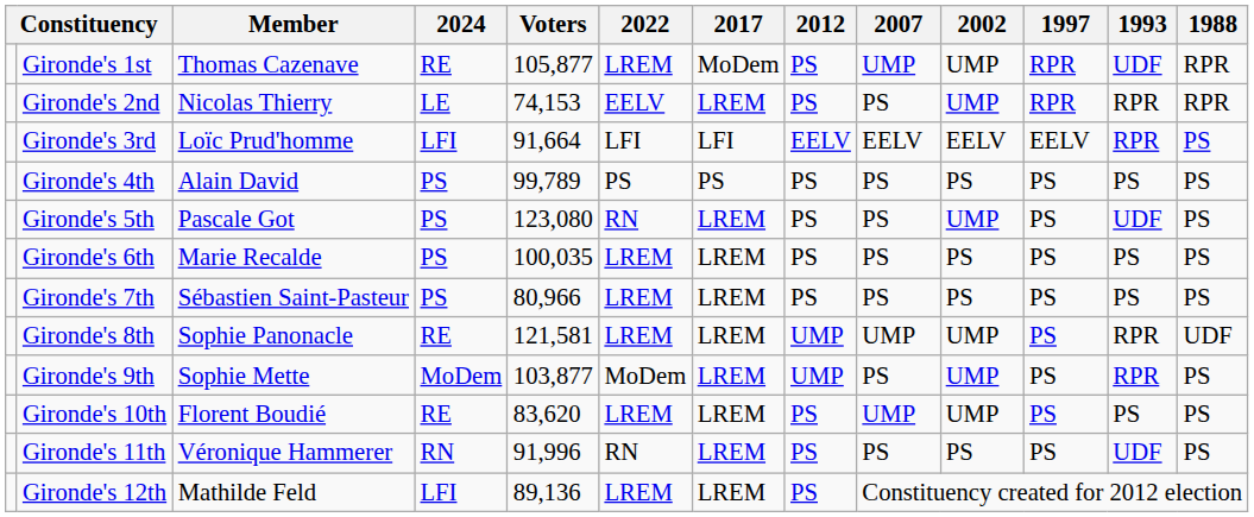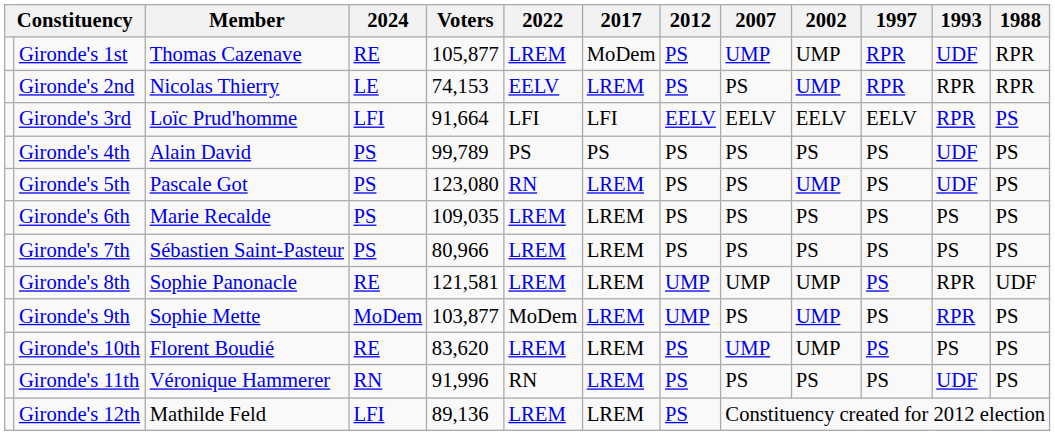 <table class="wikitable sortable">
 <tr>
 <th colspan="2">Constituency</th>
 <th>Member</th>
 <th>2024</th>
 <th>Voters</th>
 <th>2022</th>
 <th>2017</th>
 <th>2012</th>
 <th>2007</th>
 <th>2002</th>
 <th>1997</th>
 <th>1993</th>
 <th>1988</th>
 </tr>
 <tr>
 <td style="background-color: "></td>
 <td><a href='#'>Gironde's 1st</a></td>
 <td><a href='#'>Thomas Cazenave</a></td>
 <td><a href='#'>RE</a></td>
 <td>105,877</td>
 <td><a href='#'>LREM</a></td>
 <td>MoDem</td>
 <td bgcolor=><a href='#'>PS</a></td>
 <td bgcolor=><a href='#'>UMP</a></td>
 <td bgcolor=>UMP</td>
 <td bgcolor=><a href='#'>RPR</a></td>
 <td bgcolor=><a href='#'>UDF</a></td>
 <td bgcolor=>RPR</td>
 </tr>
 <tr>
 <td style="background-color: "></td>
 <td><a href='#'>Gironde's 2nd</a></td>
 <td><a href='#'>Nicolas Thierry</a></td>
 <td><a href='#'>LE</a></td>
 <td>74,153</td>
 <td><a href='#'>EELV</a></td>
 <td><a href='#'>LREM</a></td>
 <td bgcolor=><a href='#'>PS</a></td>
 <td bgcolor=>PS</td>
 <td bgcolor=><a href='#'>UMP</a></td>
 <td bgcolor=><a href='#'>RPR</a></td>
 <td bgcolor=>RPR</td>
 <td bgcolor=>RPR</td>
 </tr>
 <tr>
 <td style="background-color: "></td>
 <td><a href='#'>Gironde's 3rd</a></td>
 <td><a href='#'>Loïc Prud'homme</a></td>
 <td><a href='#'>LFI</a></td>
 <td>91,664</td>
 <td>LFI</td>
 <td>LFI</td>
 <td bgcolor=><a href='#'>EELV</a></td>
 <td bgcolor=>EELV</td>
 <td bgcolor=>EELV</td>
 <td bgcolor=>EELV</td>
 <td bgcolor=><a href='#'>RPR</a></td>
 <td bgcolor=><a href='#'>PS</a></td>
 </tr>
 <tr>
 <td style="background-color: "></td>
 <td><a href='#'>Gironde's 4th</a></td>
 <td><a href='#'>Alain David</a></td>
 <td><a href='#'>PS</a></td>
 <td>99,789</td>
 <td bgcolor=>PS</td>
 <td bgcolor=>PS</td>
 <td bgcolor=>PS</td>
 <td bgcolor=>PS</td>
 <td bgcolor=>PS</td>
 <td bgcolor=>PS</td>
-<td bgcolor=>PS</td>
+<td bgcolor=><a href='#'>UDF</a></td>
 <td bgcolor=>PS</td>
 </tr>
 <tr>
 <td style="background-color: "></td>
 <td><a href='#'>Gironde's 5th</a></td>
 <td><a href='#'>Pascale Got</a></td>
 <td bgcolor=><a href='#'>PS</a></td>
 <td>123,080</td>
 <td><a href='#'>RN</a></td>
 <td><a href='#'>LREM</a></td>
 <td bgcolor=>PS</td>
 <td bgcolor=>PS</td>
 <td bgcolor=><a href='#'>UMP</a></td>
 <td bgcolor=>PS</td>
 <td bgcolor=><a href='#'>UDF</a></td>
 <td bgcolor=>PS</td>
 </tr>
 <tr>
 <td style="background-color: "></td>
 <td><a href='#'>Gironde's 6th</a></td>
 <td><a href='#'>Marie Recalde</a></td>
 <td bgcolor=><a href='#'>PS</a></td>
-<td>100,035</td>
+<td>109,035</td>
 <td><a href='#'>LREM</a></td>
 <td>LREM</td>
 <td bgcolor=>PS</td>
 <td bgcolor=>PS</td>
 <td bgcolor=>PS</td>
 <td bgcolor=>PS</td>
 <td bgcolor=>PS</td>
 <td bgcolor=>PS</td>
 </tr>
 <tr>
 <td style="background-color: "></td>
 <td><a href='#'>Gironde's 7th</a></td>
 <td><a href='#'>Sébastien Saint-Pasteur</a></td>
 <td bgcolor=><a href='#'>PS</a></td>
 <td>80,966</td>
 <td><a href='#'>LREM</a></td>
 <td>LREM</td>
 <td bgcolor=>PS</td>
 <td bgcolor=>PS</td>
 <td bgcolor=>PS</td>
 <td bgcolor=>PS</td>
 <td bgcolor=>PS</td>
 <td bgcolor=>PS</td>
 </tr>
 <tr>
 <td style="background-color: "></td>
 <td><a href='#'>Gironde's 8th</a></td>
 <td><a href='#'>Sophie Panonacle</a></td>
 <td><a href='#'>RE</a></td>
 <td>121,581</td>
 <td><a href='#'>LREM</a></td>
 <td>LREM</td>
 <td bgcolor=><a href='#'>UMP</a></td>
 <td bgcolor=>UMP</td>
 <td bgcolor=>UMP</td>
 <td bgcolor=><a href='#'>PS</a></td>
 <td bgcolor=>RPR</td>
 <td bgcolor=>UDF</td>
 </tr>
 <tr>
 <td style="background-color: "></td>
 <td><a href='#'>Gironde's 9th</a></td>
 <td><a href='#'>Sophie Mette</a></td>
 <td><a href='#'>MoDem</a></td>
 <td>103,877</td>
 <td>MoDem</td>
 <td><a href='#'>LREM</a></td>
 <td bgcolor=><a href='#'>UMP</a></td>
 <td bgcolor=>PS</td>
 <td bgcolor=><a href='#'>UMP</a></td>
 <td bgcolor=>PS</td>
 <td bgcolor=><a href='#'>RPR</a></td>
 <td bgcolor=>PS</td>
 </tr>
 <tr>
 <td style="background-color: "></td>
 <td><a href='#'>Gironde's 10th</a></td>
 <td><a href='#'>Florent Boudié</a></td>
 <td><a href='#'>RE</a></td>
 <td>83,620</td>
 <td><a href='#'>LREM</a></td>
 <td>LREM</td>
 <td bgcolor=><a href='#'>PS</a></td>
 <td bgcolor=><a href='#'>UMP</a></td>
 <td bgcolor=>UMP</td>
 <td bgcolor=><a href='#'>PS</a></td>
 <td bgcolor=>PS</td>
 <td bgcolor=>PS</td>
 </tr>
 <tr>
 <td style="background-color: "></td>
 <td><a href='#'>Gironde's 11th</a></td>
 <td><a href='#'>Véronique Hammerer</a></td>
 <td><a href='#'>RN</a></td>
 <td>91,996</td>
 <td>RN</td>
 <td><a href='#'>LREM</a></td>
 <td bgcolor=><a href='#'>PS</a></td>
 <td bgcolor=>PS</td>
 <td bgcolor=>PS</td>
 <td bgcolor=>PS</td>
 <td bgcolor=><a href='#'>UDF</a></td>
 <td bgcolor=>PS</td>
 </tr>
 <tr>
 <td style="background-color: "></td>
 <td><a href='#'>Gironde's 12th</a></td>
 <td>Mathilde Feld</td>
 <td><a href='#'>LFI</a></td>
 <td>89,136</td>
 <td><a href='#'>LREM</a></td>
 <td>LREM</td>
 <td bgcolor=><a href='#'>PS</a></td>
 <td colspan="5">Constituency created for 2012 election</td>
 </tr>
 </table>
